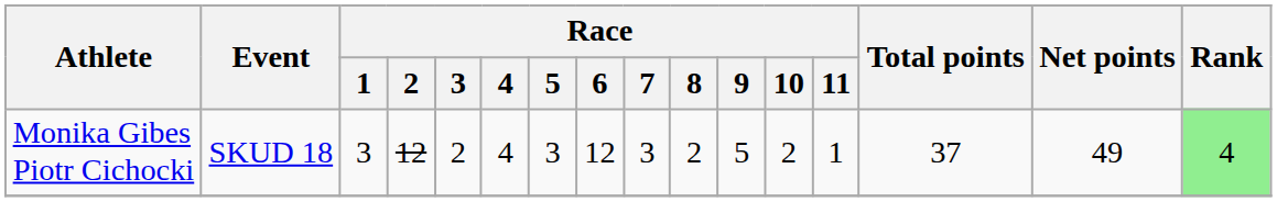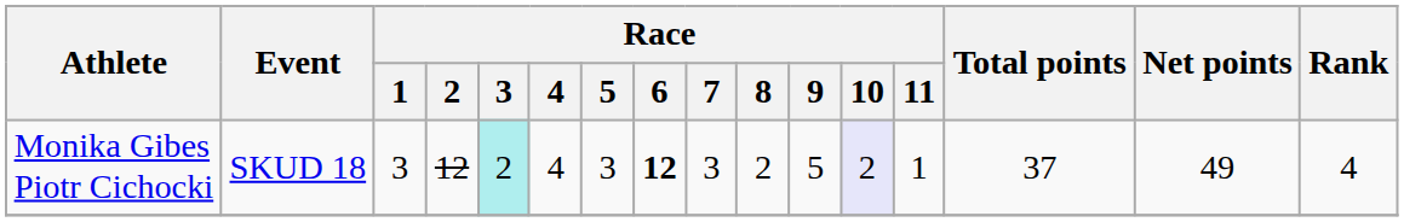 <table class=wikitable style="font-size:90%">
 <tr>
 <th rowspan="2">Athlete</th>
 <th rowspan="2">Event</th>
 <th colspan="11">Race</th>
 <th rowspan="2">Total points</th>
 <th rowspan="2">Net points</th>
 <th rowspan="2">Rank</th>
 </tr>
 <tr>
 <th width="15">1</th>
 <th width="15">2</th>
 <th width="15">3</th>
 <th width="15">4</th>
 <th width="15">5</th>
 <th width="15">6</th>
 <th width="15">7</th>
 <th width="15">8</th>
 <th width="15">9</th>
 <th width="15">10</th>
 <th width="15">11</th>
 </tr>
 <tr>
 <td><a href='#'>Monika Gibes</a><br><a href='#'>Piotr Cichocki</a></td>
 <td><a href='#'>SKUD 18</a></td>
 <td align="center">3</td>
 <td align="center"><s>12</s></td>
-<td align="center">2</td>
+<td align="center" style="background: paleturquoise;">2</td>
 <td align="center">4</td>
 <td align="center">3</td>
-<td align="center">12</td>
+<td align="center"><strong>12</strong></td>
 <td align="center">3</td>
 <td align="center">2</td>
 <td align="center">5</td>
-<td align="center">2</td>
+<td align="center" style="background: lavender;">2</td>
 <td align="center">1</td>
 <td align="center">37</td>
 <td align="center">49</td>
-<td align="center" style="background: lightgreen;">4</td>
+<td align="center">4</td>
 </tr>
 <tr>
 </tr>
 </table>
